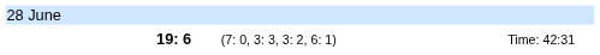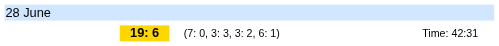 <table style="text-align:center">
 <tr style="text-align:left; background:#d0e7ff;">
 <td colspan=6>28 June</td>
 </tr>
 <tr style="font-size:90%; vertical-align:top;">
 <th width=140></th>
 <th width=60></th>
 <th width=150></th>
 <th width=140></th>
 <th width=100></th>
 </tr>
 <tr>
 <td align=right><strong></strong></td>
-<td><strong>19: 6</strong></td>
+<td style="background: gold;"><strong>19: 6</strong></td>
 <td><small>(7: 0, 3: 3, 3: 2, 6: 1)</small></td>
 <td align=left></td>
 <td><small>Time: 42:31</small></td>
 <td></td>
 </tr>
 </table>
